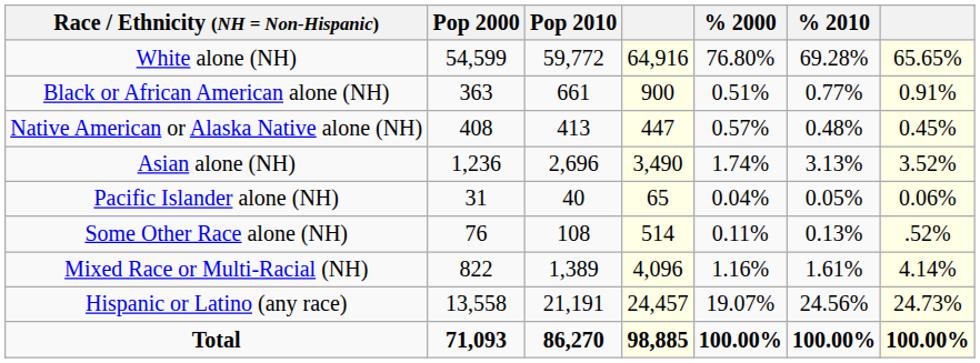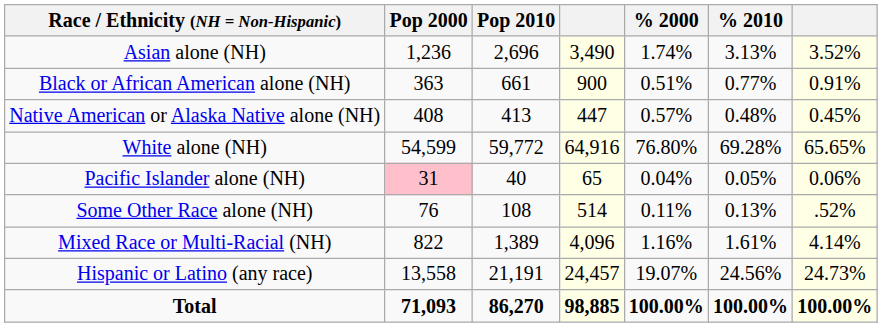 <table class="wikitable" style="text-align:center;">
 <tr>
 <th>Race / Ethnicity <small>(<em>NH = Non-Hispanic</em>)</small></th>
 <th>Pop 2000</th>
 <th>Pop 2010</th>
 <th></th>
 <th>% 2000</th>
 <th>% 2010</th>
 <th></th>
 </tr>
 <tr>
-<td><a href='#'>White</a> alone (NH)</td>
-<td>54,599</td>
-<td>59,772</td>
-<td style='background: #ffffe6;'>64,916</td>
-<td>76.80%</td>
-<td>69.28%</td>
-<td style='background: #ffffe6;'>65.65%</td>
+<td><a href='#'>Asian</a> alone (NH)</td>
+<td>1,236</td>
+<td>2,696</td>
+<td style='background: #ffffe6;'>3,490</td>
+<td>1.74%</td>
+<td>3.13%</td>
+<td style='background: #ffffe6;'>3.52%</td>
 </tr>
 <tr>
 <td><a href='#'>Black or African American</a> alone (NH)</td>
 <td>363</td>
 <td>661</td>
 <td style='background: #ffffe6;'>900</td>
 <td>0.51%</td>
 <td>0.77%</td>
 <td style='background: #ffffe6;'>0.91%</td>
 </tr>
 <tr>
 <td><a href='#'>Native American</a> or <a href='#'>Alaska Native</a> alone (NH)</td>
 <td>408</td>
 <td>413</td>
 <td style='background: #ffffe6;'>447</td>
 <td>0.57%</td>
 <td>0.48%</td>
 <td style='background: #ffffe6;'>0.45%</td>
 </tr>
 <tr>
-<td><a href='#'>Asian</a> alone (NH)</td>
-<td>1,236</td>
-<td>2,696</td>
-<td style='background: #ffffe6;'>3,490</td>
-<td>1.74%</td>
-<td>3.13%</td>
-<td style='background: #ffffe6;'>3.52%</td>
+<td><a href='#'>White</a> alone (NH)</td>
+<td>54,599</td>
+<td>59,772</td>
+<td style='background: #ffffe6;'>64,916</td>
+<td>76.80%</td>
+<td>69.28%</td>
+<td style='background: #ffffe6;'>65.65%</td>
 </tr>
 <tr>
 <td><a href='#'>Pacific Islander</a> alone (NH)</td>
-<td>31</td>
+<td style="background: pink;">31</td>
 <td>40</td>
 <td style='background: #ffffe6;'>65</td>
 <td>0.04%</td>
 <td>0.05%</td>
 <td style='background: #ffffe6;'>0.06%</td>
 </tr>
 <tr>
 <td><a href='#'>Some Other Race</a> alone (NH)</td>
 <td>76</td>
 <td>108</td>
 <td style='background: #ffffe6;'>514</td>
 <td>0.11%</td>
 <td>0.13%</td>
 <td style='background: #ffffe6;'>.52%</td>
 </tr>
 <tr>
 <td><a href='#'>Mixed Race or Multi-Racial</a> (NH)</td>
 <td>822</td>
 <td>1,389</td>
 <td style='background: #ffffe6;'>4,096</td>
 <td>1.16%</td>
 <td>1.61%</td>
 <td style='background: #ffffe6;'>4.14%</td>
 </tr>
 <tr>
 <td><a href='#'>Hispanic or Latino</a> (any race)</td>
 <td>13,558</td>
 <td>21,191</td>
 <td style='background: #ffffe6;'>24,457</td>
 <td>19.07%</td>
 <td>24.56%</td>
 <td style='background: #ffffe6;'>24.73%</td>
 </tr>
 <tr>
 <td><strong>Total</strong></td>
 <td><strong>71,093</strong></td>
 <td><strong>86,270</strong></td>
 <td style='background: #ffffe6;'><strong>98,885</strong></td>
 <td><strong>100.00%</strong></td>
 <td><strong>100.00%</strong></td>
 <td style='background: #ffffe6;'><strong>100.00%</strong></td>
 </tr>
 </table>
